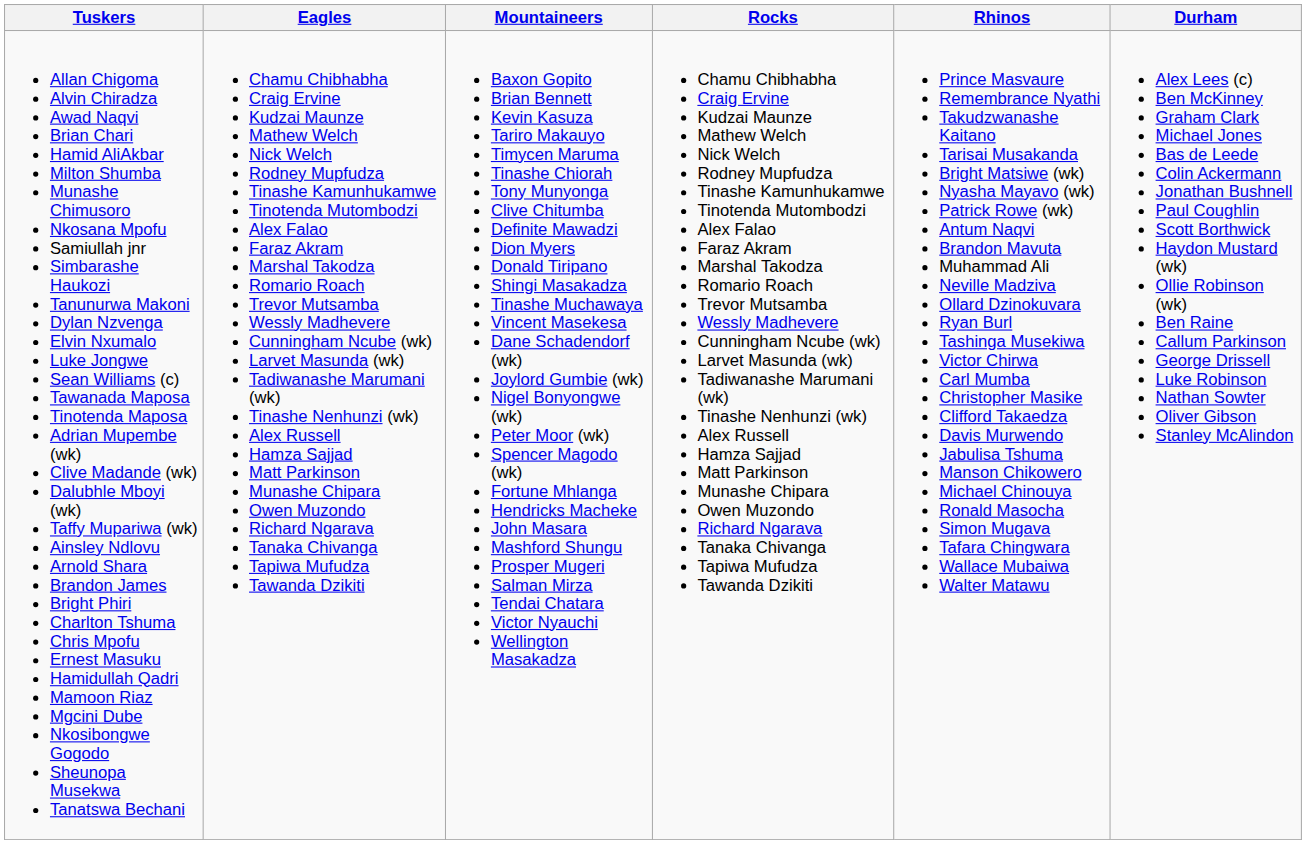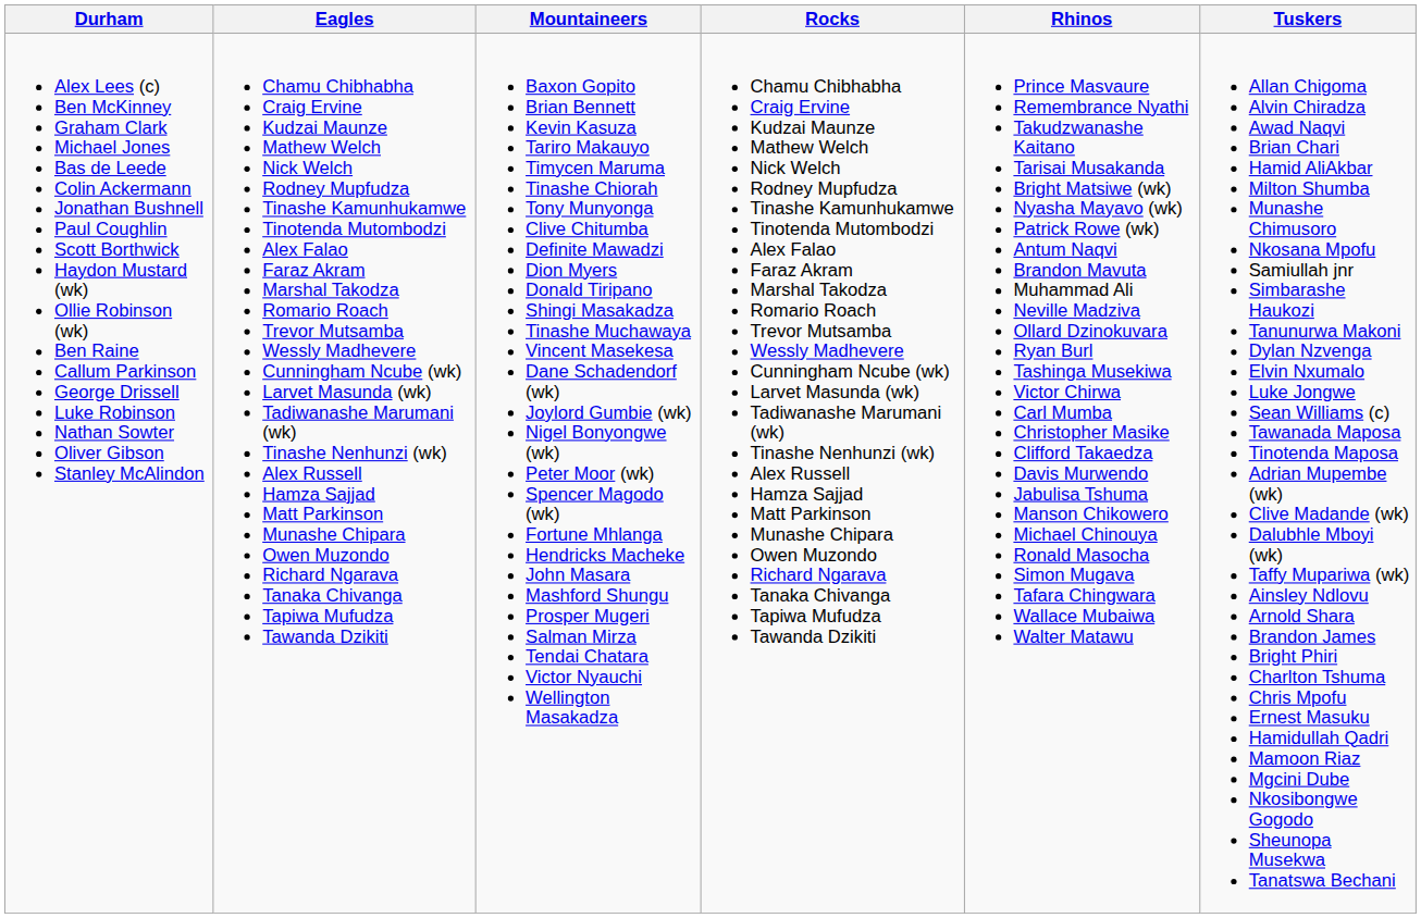 <table class="wikitable">
 <tr>
-<th><a href='#'>Tuskers</a></th>
+<th><a href='#'>Durham</a></th>
 <th><a href='#'>Eagles</a></th>
 <th><a href='#'>Mountaineers</a></th>
 <th><a href='#'>Rocks</a></th>
 <th><a href='#'>Rhinos</a></th>
-<th><a href='#'>Durham</a></th>
+<th><a href='#'>Tuskers</a></th>
 </tr>
 <tr>
-<td valign=top><br><ul><li><a href='#'>Allan Chigoma</a></li><li><a href='#'>Alvin Chiradza</a></li><li><a href='#'>Awad Naqvi</a></li><li><a href='#'>Brian Chari</a></li><li><a href='#'>Hamid AliAkbar</a></li><li><a href='#'>Milton Shumba</a></li><li><a href='#'>Munashe Chimusoro</a></li><li><a href='#'>Nkosana Mpofu</a></li><li>Samiullah jnr</li><li><a href='#'>Simbarashe Haukozi</a></li><li><a href='#'>Tanunurwa Makoni</a></li><li><a href='#'>Dylan Nzvenga</a></li><li><a href='#'>Elvin Nxumalo</a></li><li><a href='#'>Luke Jongwe</a></li><li><a href='#'>Sean Williams</a> (c)</li><li><a href='#'>Tawanada Maposa</a></li><li><a href='#'>Tinotenda Maposa</a></li><li><a href='#'>Adrian Mupembe</a> (wk)</li><li><a href='#'>Clive Madande</a> (wk)</li><li><a href='#'>Dalubhle Mboyi</a> (wk)</li><li><a href='#'>Taffy Mupariwa</a> (wk)</li><li><a href='#'>Ainsley Ndlovu</a></li><li><a href='#'>Arnold Shara</a></li><li><a href='#'>Brandon James</a></li><li><a href='#'>Bright Phiri</a></li><li><a href='#'>Charlton Tshuma</a></li><li><a href='#'>Chris Mpofu</a></li><li><a href='#'>Ernest Masuku</a></li><li><a href='#'>Hamidullah Qadri</a></li><li><a href='#'>Mamoon Riaz</a></li><li><a href='#'>Mgcini Dube</a></li><li><a href='#'>Nkosibongwe Gogodo</a></li><li><a href='#'>Sheunopa Musekwa</a></li><li><a href='#'>Tanatswa Bechani</a></li></ul></td>
+<td valign=top><br><ul><li><a href='#'>Alex Lees</a> (c)</li><li><a href='#'>Ben McKinney</a></li><li><a href='#'>Graham Clark</a></li><li><a href='#'>Michael Jones</a></li><li><a href='#'>Bas de Leede</a></li><li><a href='#'>Colin Ackermann</a></li><li><a href='#'>Jonathan Bushnell</a></li><li><a href='#'>Paul Coughlin</a></li><li><a href='#'>Scott Borthwick</a></li><li><a href='#'>Haydon Mustard</a> (wk)</li><li><a href='#'>Ollie Robinson</a> (wk)</li><li><a href='#'>Ben Raine</a></li><li><a href='#'>Callum Parkinson</a></li><li><a href='#'>George Drissell</a></li><li><a href='#'>Luke Robinson</a></li><li><a href='#'>Nathan Sowter</a></li><li><a href='#'>Oliver Gibson</a></li><li><a href='#'>Stanley McAlindon</a></li></ul></td>
 <td valign=top><br><ul><li><a href='#'>Chamu Chibhabha</a></li><li><a href='#'>Craig Ervine</a></li><li><a href='#'>Kudzai Maunze</a></li><li><a href='#'>Mathew Welch</a></li><li><a href='#'>Nick Welch</a></li><li><a href='#'>Rodney Mupfudza</a></li><li><a href='#'>Tinashe Kamunhukamwe</a></li><li><a href='#'>Tinotenda Mutombodzi</a></li><li><a href='#'>Alex Falao</a></li><li><a href='#'>Faraz Akram</a></li><li><a href='#'>Marshal Takodza</a></li><li><a href='#'>Romario Roach</a></li><li><a href='#'>Trevor Mutsamba</a></li><li><a href='#'>Wessly Madhevere</a></li><li><a href='#'>Cunningham Ncube</a> (wk)</li><li><a href='#'>Larvet Masunda</a> (wk)</li><li><a href='#'>Tadiwanashe Marumani</a> (wk)</li><li><a href='#'>Tinashe Nenhunzi</a> (wk)</li><li><a href='#'>Alex Russell</a></li><li><a href='#'>Hamza Sajjad</a></li><li><a href='#'>Matt Parkinson</a></li><li><a href='#'>Munashe Chipara</a></li><li><a href='#'>Owen Muzondo</a></li><li><a href='#'>Richard Ngarava</a></li><li><a href='#'>Tanaka Chivanga</a></li><li><a href='#'>Tapiwa Mufudza</a></li><li><a href='#'>Tawanda Dzikiti</a></li></ul></td>
 <td valign=top><br><ul><li><a href='#'>Baxon Gopito</a></li><li><a href='#'>Brian Bennett</a></li><li><a href='#'>Kevin Kasuza</a></li><li><a href='#'>Tariro Makauyo</a></li><li><a href='#'>Timycen Maruma</a></li><li><a href='#'>Tinashe Chiorah</a></li><li><a href='#'>Tony Munyonga</a></li><li><a href='#'>Clive Chitumba</a></li><li><a href='#'>Definite Mawadzi</a></li><li><a href='#'>Dion Myers</a></li><li><a href='#'>Donald Tiripano</a></li><li><a href='#'>Shingi Masakadza</a></li><li><a href='#'>Tinashe Muchawaya</a></li><li><a href='#'>Vincent Masekesa</a></li><li><a href='#'>Dane Schadendorf</a> (wk)</li><li><a href='#'>Joylord Gumbie</a> (wk)</li><li><a href='#'>Nigel Bonyongwe</a> (wk)</li><li><a href='#'>Peter Moor</a> (wk)</li><li><a href='#'>Spencer Magodo</a> (wk)</li><li><a href='#'>Fortune Mhlanga</a></li><li><a href='#'>Hendricks Macheke</a></li><li><a href='#'>John Masara</a></li><li><a href='#'>Mashford Shungu</a></li><li><a href='#'>Prosper Mugeri</a></li><li><a href='#'>Salman Mirza</a></li><li><a href='#'>Tendai Chatara</a></li><li><a href='#'>Victor Nyauchi</a></li><li><a href='#'>Wellington Masakadza</a></li></ul></td>
 <td valign=top><br><ul><li>Chamu Chibhabha</li><li><a href='#'>Craig Ervine</a></li><li>Kudzai Maunze</li><li>Mathew Welch</li><li>Nick Welch</li><li>Rodney Mupfudza</li><li>Tinashe Kamunhukamwe</li><li>Tinotenda Mutombodzi</li><li>Alex Falao</li><li>Faraz Akram</li><li>Marshal Takodza</li><li>Romario Roach</li><li>Trevor Mutsamba</li><li><a href='#'>Wessly Madhevere</a></li><li>Cunningham Ncube (wk)</li><li>Larvet Masunda (wk)</li><li>Tadiwanashe Marumani (wk)</li><li>Tinashe Nenhunzi (wk)</li><li>Alex Russell</li><li>Hamza Sajjad</li><li>Matt Parkinson</li><li>Munashe Chipara</li><li>Owen Muzondo</li><li><a href='#'>Richard Ngarava</a></li><li>Tanaka Chivanga</li><li>Tapiwa Mufudza</li><li>Tawanda Dzikiti</li></ul></td>
 <td valign=top><br><ul><li><a href='#'>Prince Masvaure</a></li><li><a href='#'>Remembrance Nyathi</a></li><li><a href='#'>Takudzwanashe Kaitano</a></li><li><a href='#'>Tarisai Musakanda</a></li><li><a href='#'>Bright Matsiwe</a> (wk)</li><li><a href='#'>Nyasha Mayavo</a> (wk)</li><li><a href='#'>Patrick Rowe</a> (wk)</li><li><a href='#'>Antum Naqvi</a></li><li><a href='#'>Brandon Mavuta</a></li><li>Muhammad Ali</li><li><a href='#'>Neville Madziva</a></li><li><a href='#'>Ollard Dzinokuvara</a></li><li><a href='#'>Ryan Burl</a></li><li><a href='#'>Tashinga Musekiwa</a></li><li><a href='#'>Victor Chirwa</a></li><li><a href='#'>Carl Mumba</a></li><li><a href='#'>Christopher Masike</a></li><li><a href='#'>Clifford Takaedza</a></li><li><a href='#'>Davis Murwendo</a></li><li><a href='#'>Jabulisa Tshuma</a></li><li><a href='#'>Manson Chikowero</a></li><li><a href='#'>Michael Chinouya</a></li><li><a href='#'>Ronald Masocha</a></li><li><a href='#'>Simon Mugava</a></li><li><a href='#'>Tafara Chingwara</a></li><li><a href='#'>Wallace Mubaiwa</a></li><li><a href='#'>Walter Matawu</a></li></ul></td>
-<td valign=top><br><ul><li><a href='#'>Alex Lees</a> (c)</li><li><a href='#'>Ben McKinney</a></li><li><a href='#'>Graham Clark</a></li><li><a href='#'>Michael Jones</a></li><li><a href='#'>Bas de Leede</a></li><li><a href='#'>Colin Ackermann</a></li><li><a href='#'>Jonathan Bushnell</a></li><li><a href='#'>Paul Coughlin</a></li><li><a href='#'>Scott Borthwick</a></li><li><a href='#'>Haydon Mustard</a> (wk)</li><li><a href='#'>Ollie Robinson</a> (wk)</li><li><a href='#'>Ben Raine</a></li><li><a href='#'>Callum Parkinson</a></li><li><a href='#'>George Drissell</a></li><li><a href='#'>Luke Robinson</a></li><li><a href='#'>Nathan Sowter</a></li><li><a href='#'>Oliver Gibson</a></li><li><a href='#'>Stanley McAlindon</a></li></ul></td>
+<td valign=top><br><ul><li><a href='#'>Allan Chigoma</a></li><li><a href='#'>Alvin Chiradza</a></li><li><a href='#'>Awad Naqvi</a></li><li><a href='#'>Brian Chari</a></li><li><a href='#'>Hamid AliAkbar</a></li><li><a href='#'>Milton Shumba</a></li><li><a href='#'>Munashe Chimusoro</a></li><li><a href='#'>Nkosana Mpofu</a></li><li>Samiullah jnr</li><li><a href='#'>Simbarashe Haukozi</a></li><li><a href='#'>Tanunurwa Makoni</a></li><li><a href='#'>Dylan Nzvenga</a></li><li><a href='#'>Elvin Nxumalo</a></li><li><a href='#'>Luke Jongwe</a></li><li><a href='#'>Sean Williams</a> (c)</li><li><a href='#'>Tawanada Maposa</a></li><li><a href='#'>Tinotenda Maposa</a></li><li><a href='#'>Adrian Mupembe</a> (wk)</li><li><a href='#'>Clive Madande</a> (wk)</li><li><a href='#'>Dalubhle Mboyi</a> (wk)</li><li><a href='#'>Taffy Mupariwa</a> (wk)</li><li><a href='#'>Ainsley Ndlovu</a></li><li><a href='#'>Arnold Shara</a></li><li><a href='#'>Brandon James</a></li><li><a href='#'>Bright Phiri</a></li><li><a href='#'>Charlton Tshuma</a></li><li><a href='#'>Chris Mpofu</a></li><li><a href='#'>Ernest Masuku</a></li><li><a href='#'>Hamidullah Qadri</a></li><li><a href='#'>Mamoon Riaz</a></li><li><a href='#'>Mgcini Dube</a></li><li><a href='#'>Nkosibongwe Gogodo</a></li><li><a href='#'>Sheunopa Musekwa</a></li><li><a href='#'>Tanatswa Bechani</a></li></ul></td>
 </tr>
 </table>
